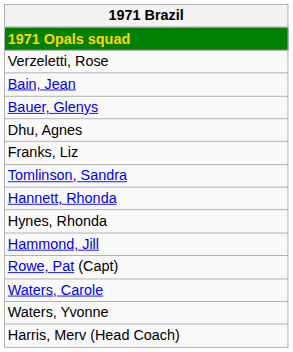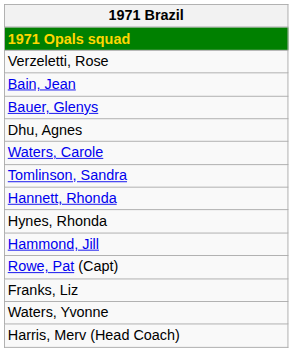 <table class="wikitable collapsible autocollapse" width=25%>
 <tr>
 <th>1971 Brazil</th>
 </tr>
 <tr>
 <td bgcolor=green style="color:gold; width:200px"><strong>1971 Opals squad</strong></td>
 </tr>
 <tr>
 <td>Verzeletti, Rose</td>
 </tr>
 <tr>
 <td><a href='#'>Bain, Jean</a></td>
 </tr>
 <tr>
 <td><a href='#'>Bauer, Glenys</a></td>
 </tr>
 <tr>
 <td>Dhu, Agnes</td>
 </tr>
 <tr>
-<td>Franks, Liz</td>
+<td><a href='#'>Waters, Carole</a></td>
 </tr>
 <tr>
 <td><a href='#'>Tomlinson, Sandra</a></td>
 </tr>
 <tr>
 <td><a href='#'>Hannett, Rhonda</a></td>
 </tr>
 <tr>
 <td>Hynes, Rhonda</td>
 </tr>
 <tr>
 <td><a href='#'>Hammond, Jill</a></td>
 </tr>
 <tr>
 <td><a href='#'>Rowe, Pat</a> (Capt)</td>
 </tr>
 <tr>
-<td><a href='#'>Waters, Carole</a></td>
+<td>Franks, Liz</td>
 </tr>
 <tr>
 <td>Waters, Yvonne</td>
 </tr>
 <tr>
 <td>Harris, Merv (Head Coach)</td>
 </tr>
 </table>
